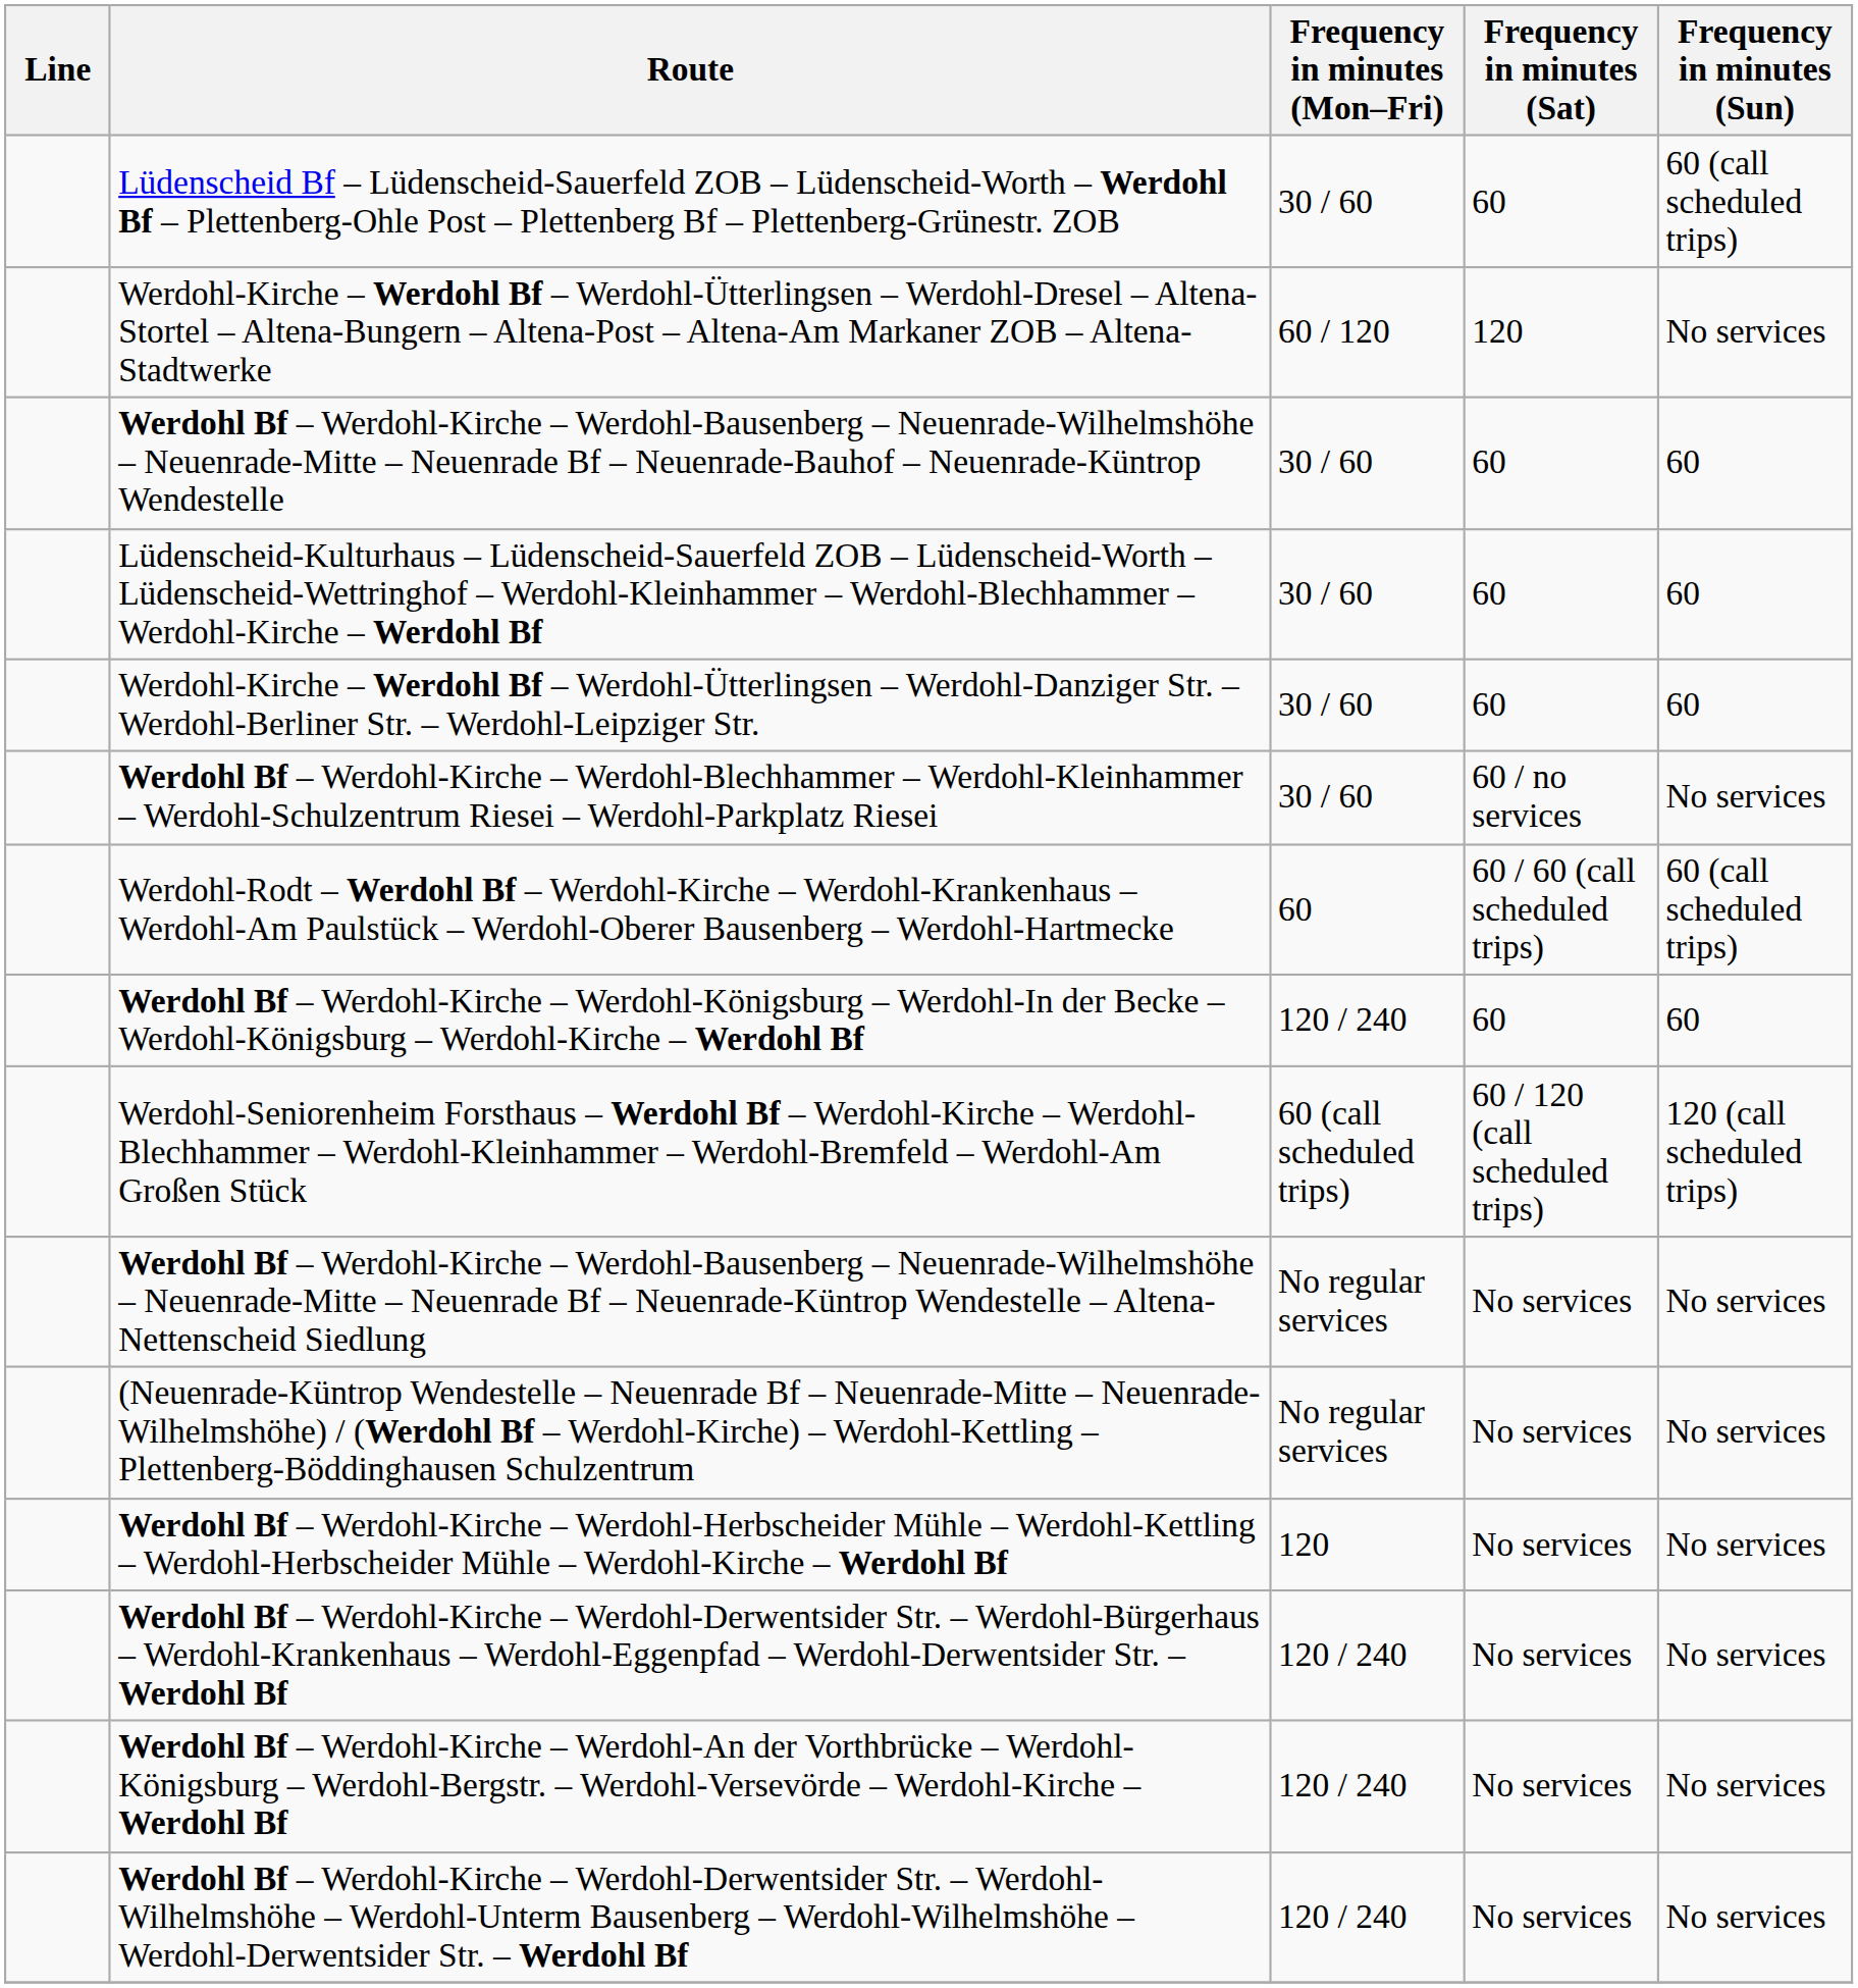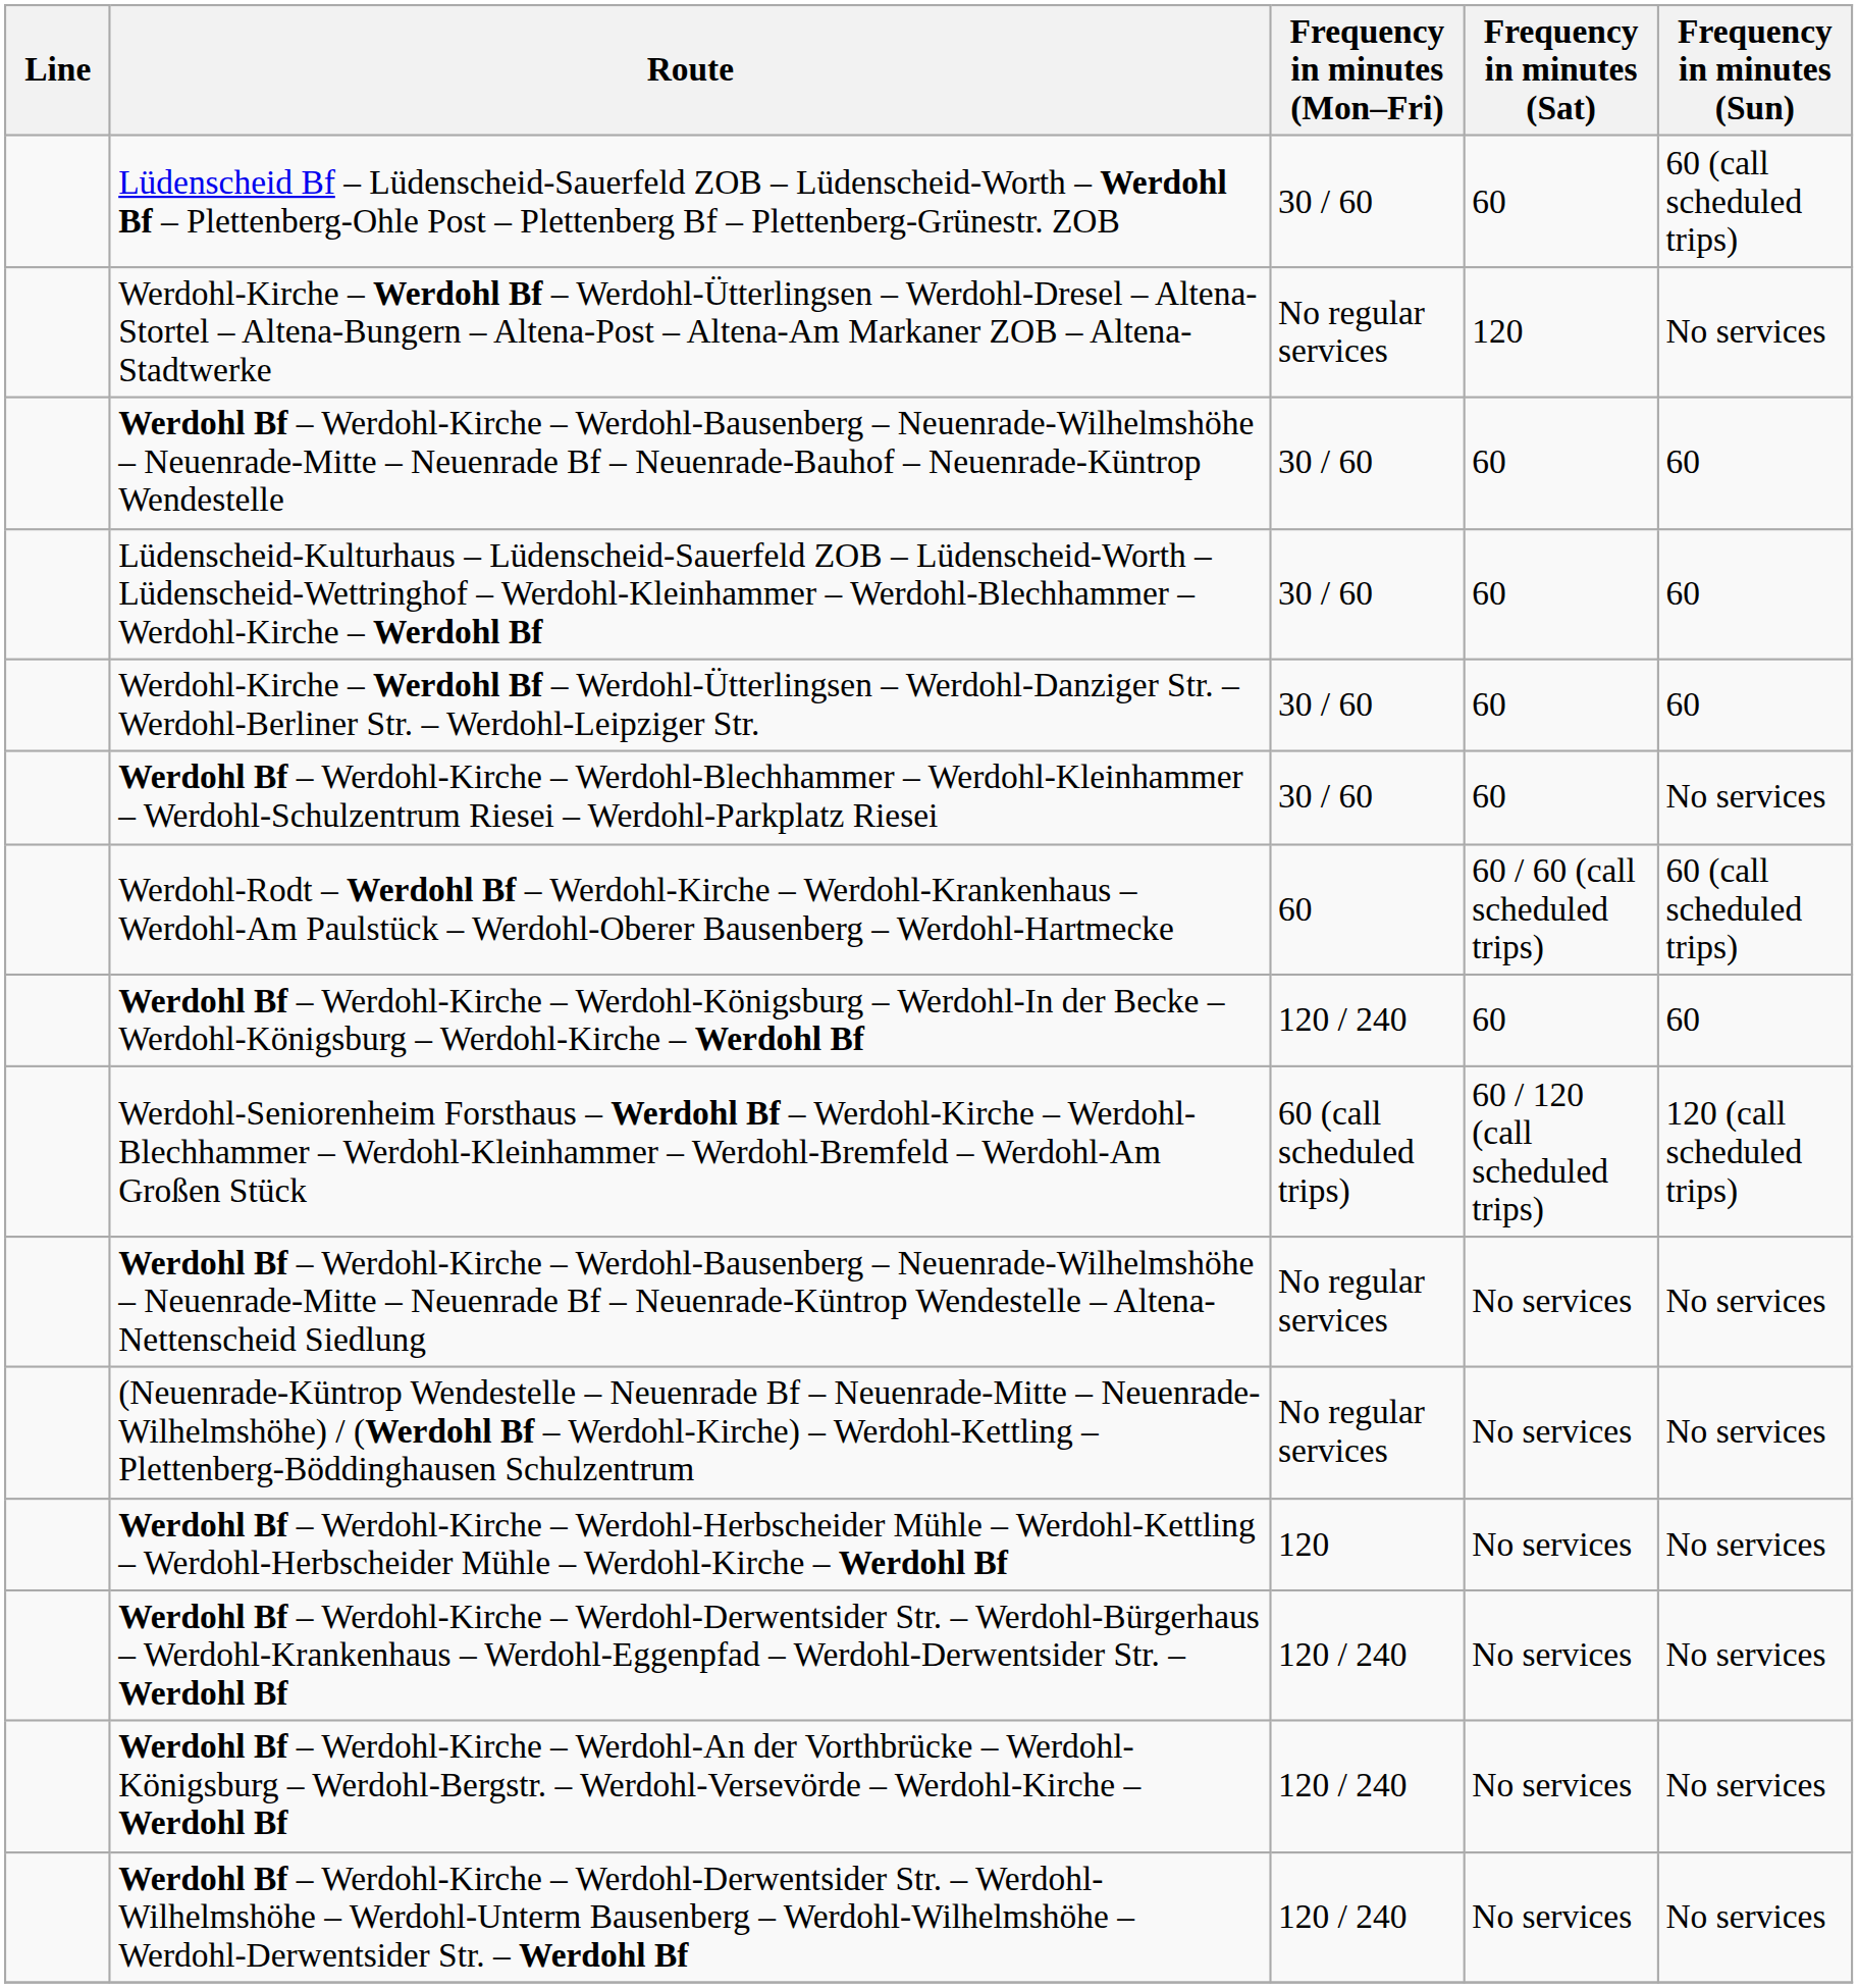 <table class="wikitable">
 <tr class="hintergrundfarbe5">
 <th width="5%">Line</th>
 <th width="55%">Route</th>
 <th width="9%">Frequency in minutes<br>(Mon–Fri)</th>
 <th width="9%">Frequency in minutes <br>(Sat)</th>
 <th width="9%">Frequency in minutes <br>(Sun)</th>
 </tr>
 <tr>
 <td></td>
 <td><a href='#'>Lüdenscheid Bf</a> – Lüdenscheid-Sauerfeld ZOB – Lüdenscheid-Worth – <strong>Werdohl Bf</strong> – Plettenberg-Ohle Post – Plettenberg Bf – Plettenberg-Grünestr. ZOB</td>
 <td>30 / 60</td>
 <td>60</td>
 <td>60 (call scheduled trips)</td>
 </tr>
 <tr>
 <td></td>
 <td>Werdohl-Kirche – <strong>Werdohl Bf</strong> – Werdohl-Ütterlingsen – Werdohl-Dresel – Altena-Stortel – Altena-Bungern – Altena-Post – Altena-Am Markaner ZOB – Altena-Stadtwerke</td>
-<td>60 / 120</td>
+<td>No regular services</td>
 <td>120</td>
 <td>No services</td>
 </tr>
 <tr>
 <td></td>
 <td><strong>Werdohl Bf</strong> – Werdohl-Kirche – Werdohl-Bausenberg – Neuenrade-Wilhelmshöhe – Neuenrade-Mitte – Neuenrade Bf – Neuenrade-Bauhof – Neuenrade-Küntrop Wendestelle</td>
 <td>30 / 60</td>
 <td>60</td>
 <td>60</td>
 </tr>
 <tr>
 <td></td>
 <td>Lüdenscheid-Kulturhaus – Lüdenscheid-Sauerfeld ZOB – Lüdenscheid-Worth – Lüdenscheid-Wettringhof – Werdohl-Kleinhammer – Werdohl-Blechhammer – Werdohl-Kirche – <strong>Werdohl Bf</strong></td>
 <td>30 / 60</td>
 <td>60</td>
 <td>60</td>
 </tr>
 <tr>
 <td></td>
 <td>Werdohl-Kirche – <strong>Werdohl Bf</strong> – Werdohl-Ütterlingsen – Werdohl-Danziger Str. – Werdohl-Berliner Str. – Werdohl-Leipziger Str.</td>
 <td>30 / 60</td>
 <td>60</td>
 <td>60</td>
 </tr>
 <tr>
 <td></td>
 <td><strong>Werdohl Bf</strong> – Werdohl-Kirche – Werdohl-Blechhammer – Werdohl-Kleinhammer – Werdohl-Schulzentrum Riesei – Werdohl-Parkplatz Riesei</td>
 <td>30 / 60</td>
-<td>60 / no services</td>
+<td>60</td>
 <td>No services</td>
 </tr>
 <tr>
 <td></td>
 <td>Werdohl-Rodt – <strong>Werdohl Bf</strong> – Werdohl-Kirche – Werdohl-Krankenhaus – Werdohl-Am Paulstück – Werdohl-Oberer Bausenberg – Werdohl-Hartmecke</td>
 <td>60</td>
 <td>60 / 60 (call scheduled trips)</td>
 <td>60 (call scheduled trips)</td>
 </tr>
 <tr>
 <td></td>
 <td><strong>Werdohl Bf</strong> – Werdohl-Kirche – Werdohl-Königsburg – Werdohl-In der Becke – Werdohl-Königsburg – Werdohl-Kirche – <strong>Werdohl Bf</strong></td>
 <td>120 / 240</td>
 <td>60</td>
 <td>60</td>
 </tr>
 <tr>
 <td></td>
 <td>Werdohl-Seniorenheim Forsthaus – <strong>Werdohl Bf</strong> – Werdohl-Kirche – Werdohl-Blechhammer – Werdohl-Kleinhammer – Werdohl-Bremfeld – Werdohl-Am Großen Stück</td>
 <td>60 (call scheduled trips)</td>
 <td>60 / 120 (call scheduled trips)</td>
 <td>120 (call scheduled trips)</td>
 </tr>
 <tr>
 <td></td>
 <td><strong>Werdohl Bf</strong> – Werdohl-Kirche – Werdohl-Bausenberg – Neuenrade-Wilhelmshöhe – Neuenrade-Mitte – Neuenrade Bf – Neuenrade-Küntrop Wendestelle – Altena-Nettenscheid Siedlung</td>
 <td>No regular services</td>
 <td>No services</td>
 <td>No services</td>
 </tr>
 <tr>
 <td></td>
 <td>(Neuenrade-Küntrop Wendestelle – Neuenrade Bf – Neuenrade-Mitte – Neuenrade-Wilhelmshöhe) / (<strong>Werdohl Bf</strong> – Werdohl-Kirche) – Werdohl-Kettling – Plettenberg-Böddinghausen Schulzentrum</td>
 <td>No regular services</td>
 <td>No services</td>
 <td>No services</td>
 </tr>
 <tr>
 <td></td>
 <td><strong>Werdohl Bf</strong> – Werdohl-Kirche – Werdohl-Herbscheider Mühle – Werdohl-Kettling – Werdohl-Herbscheider Mühle – Werdohl-Kirche – <strong>Werdohl Bf</strong></td>
 <td>120</td>
 <td>No services</td>
 <td>No services</td>
 </tr>
 <tr>
 <td></td>
 <td><strong>Werdohl Bf</strong> – Werdohl-Kirche – Werdohl-Derwentsider Str. – Werdohl-Bürgerhaus – Werdohl-Krankenhaus – Werdohl-Eggenpfad – Werdohl-Derwentsider Str. – <strong>Werdohl Bf</strong></td>
 <td>120 / 240</td>
 <td>No services</td>
 <td>No services</td>
 </tr>
 <tr>
 <td></td>
 <td><strong>Werdohl Bf</strong> – Werdohl-Kirche – Werdohl-An der Vorthbrücke – Werdohl-Königsburg –  Werdohl-Bergstr. – Werdohl-Versevörde – Werdohl-Kirche – <strong>Werdohl Bf</strong></td>
 <td>120 / 240</td>
 <td>No services</td>
 <td>No services</td>
 </tr>
 <tr>
 <td></td>
 <td><strong>Werdohl Bf</strong> – Werdohl-Kirche – Werdohl-Derwentsider Str. – Werdohl-Wilhelmshöhe – Werdohl-Unterm Bausenberg – Werdohl-Wilhelmshöhe – Werdohl-Derwentsider Str. – <strong>Werdohl Bf</strong></td>
 <td>120 / 240</td>
 <td>No services</td>
 <td>No services</td>
 </tr>
 <tr>
 </tr>
 </table>
